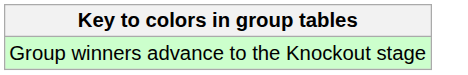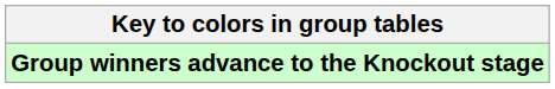 <table class="wikitable">
 <tr>
 <th>Key to colors in group tables</th>
 </tr>
 <tr bgcolor=#ccffcc>
-<td>Group winners advance to the Knockout stage</td>
+<td><strong>Group winners advance to the Knockout stage</strong></td>
 </tr>
 </table>
